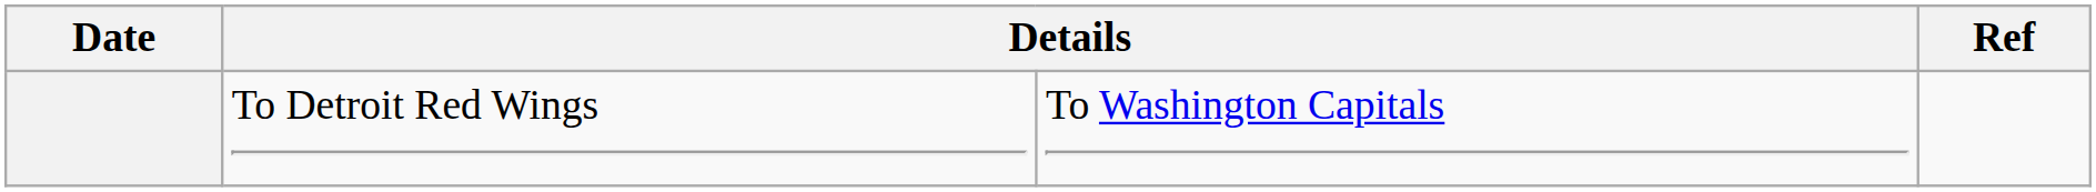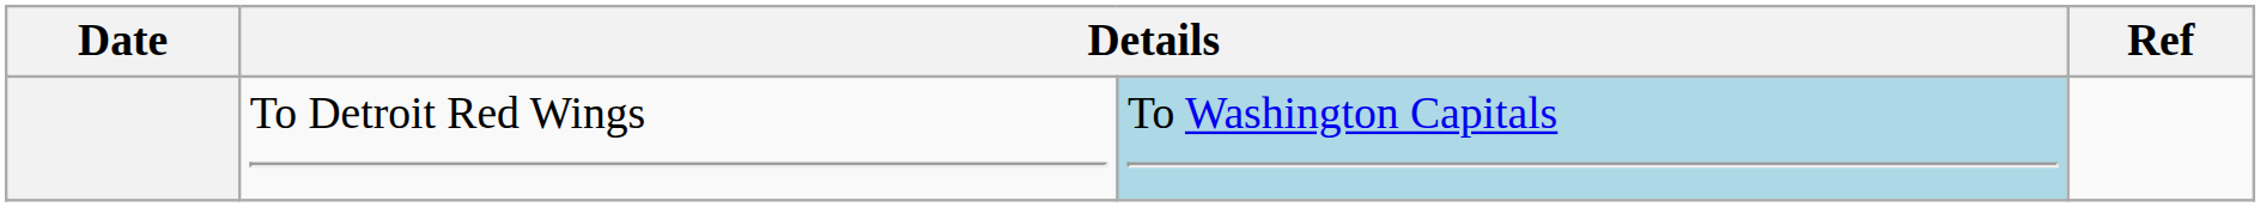 <table class="wikitable plainrowheaders" style="width: 50em;">
 <tr>
 <th scope="col">Date</th>
 <th scope="col" colspan="2">Details</th>
 <th scope="col">Ref</th>
 </tr>
 <tr>
 <th scope="row"></th>
 <td valign="top">To Detroit Red Wings <hr></td>
-<td valign="top">To <a href='#'>Washington Capitals</a> <hr></td>
+<td valign="top" style="background: lightblue;">To <a href='#'>Washington Capitals</a> <hr></td>
 <td></td>
 </tr>
 </table>
